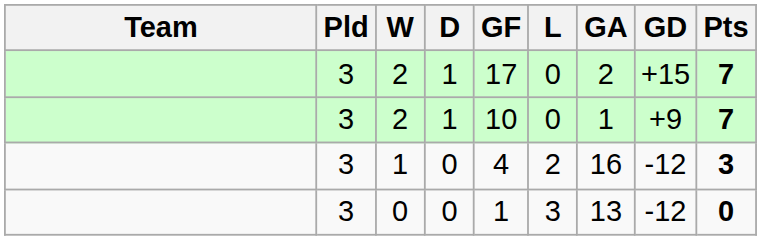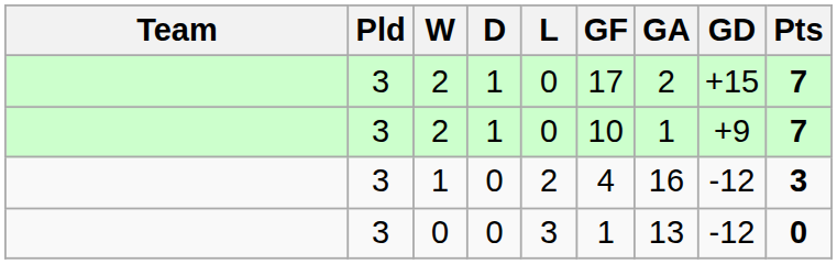 <table class="wikitable" style="text-align: center;">
 <tr>
 <th width=165>Team</th>
 <th width=20>Pld</th>
 <th width=20>W</th>
 <th width=20>D</th>
+<th width=20>L</th>
 <th width=20>GF</th>
-<th width=20>L</th>
 <th width=20>GA</th>
 <th width=20>GD</th>
 <th width=20>Pts</th>
 </tr>
 <tr bgcolor=ccffcc>
 <td align="left"></td>
 <td>3</td>
 <td>2</td>
 <td>1</td>
+<td>0</td>
 <td>17</td>
-<td>0</td>
 <td>2</td>
 <td>+15</td>
 <td><strong>7</strong></td>
 </tr>
 <tr bgcolor=ccffcc>
 <td align="left"></td>
 <td>3</td>
 <td>2</td>
 <td>1</td>
+<td>0</td>
 <td>10</td>
-<td>0</td>
 <td>1</td>
 <td>+9</td>
 <td><strong>7</strong></td>
 </tr>
 <tr>
 <td align="left"></td>
 <td>3</td>
 <td>1</td>
 <td>0</td>
+<td>2</td>
 <td>4</td>
-<td>2</td>
 <td>16</td>
 <td>-12</td>
 <td><strong>3</strong></td>
 </tr>
 <tr>
 <td align="left"></td>
 <td>3</td>
 <td>0</td>
 <td>0</td>
+<td>3</td>
 <td>1</td>
-<td>3</td>
 <td>13</td>
 <td>-12</td>
 <td><strong>0</strong></td>
 </tr>
 </table>
